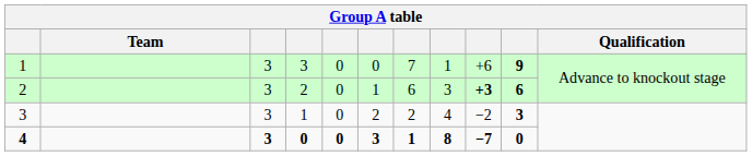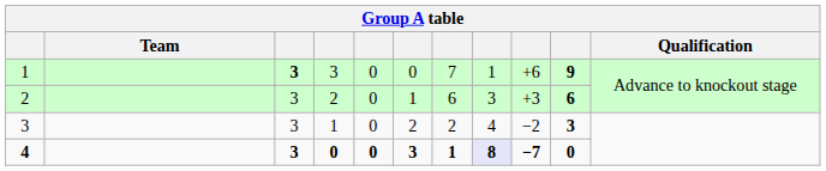 <table class="wikitable" style="text-align:center">
 <tr>
 <th colspan="11"><a href='#'>Group A</a> table</th>
 </tr>
 <tr>
 <th width="30"></th>
 <th width="210">Team</th>
 <th width="30"></th>
 <th width="30"></th>
 <th width="30"></th>
 <th width="30"></th>
 <th width="30"></th>
 <th width="30"></th>
 <th width="30"></th>
 <th width="30"></th>
 <th width="210">Qualification</th>
 </tr>
 <tr bgcolor="#ccffcc">
 <td>1</td>
 <td align="left"></td>
-<td>3</td>
+<td><strong>3</strong></td>
 <td>3</td>
 <td>0</td>
 <td>0</td>
 <td>7</td>
 <td>1</td>
 <td>+6</td>
 <td><strong>9</strong></td>
 <td rowspan="2">Advance to knockout stage</td>
 </tr>
 <tr bgcolor="#ccffcc">
 <td>2</td>
 <td align="left"></td>
 <td>3</td>
 <td>2</td>
 <td>0</td>
 <td>1</td>
 <td>6</td>
 <td>3</td>
-<td><strong>+3</strong></td>
+<td>+3</td>
 <td><strong>6</strong></td>
 </tr>
 <tr>
 <td>3</td>
 <td align="left"></td>
 <td>3</td>
 <td>1</td>
 <td>0</td>
 <td>2</td>
 <td>2</td>
 <td>4</td>
 <td>−2</td>
 <td><strong>3</strong></td>
 <td rowspan="2"></td>
 </tr>
 <tr>
 <td><strong>4</strong></td>
 <td align="left"><strong></strong></td>
 <td><strong>3</strong></td>
 <td><strong>0</strong></td>
 <td><strong>0</strong></td>
 <td><strong>3</strong></td>
 <td><strong>1</strong></td>
-<td><strong>8</strong></td>
+<td style="background: lavender;"><strong>8</strong></td>
 <td><strong>−7</strong></td>
 <td><strong>0</strong></td>
 </tr>
 </table>
